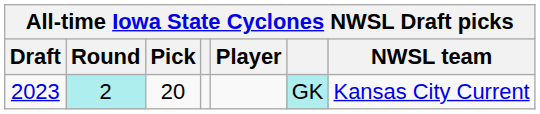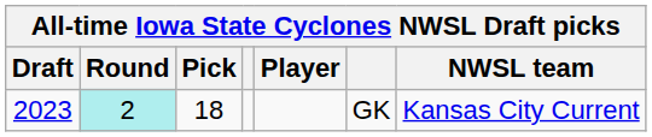 <table class="wikitable sortable" style="text-align: center;">
 <tr>
 <th colspan="7" style="background:#">All-time <a href='#'><span>Iowa State Cyclones</span></a> NWSL Draft picks</th>
 </tr>
 <tr>
 <th scope="col">Draft</th>
 <th scope="col">Round</th>
 <th scope="col">Pick</th>
 <th scope="col"></th>
 <th scope="col">Player</th>
 <th scope="col"></th>
 <th scope="col">NWSL team</th>
 </tr>
 <tr>
 <td><a href='#'>2023</a></td>
 <td style="background: paleturquoise;">2</td>
-<td>20</td>
+<td>18</td>
 <td></td>
 <td></td>
-<td style="background: paleturquoise;">GK</td>
+<td>GK</td>
 <td><a href='#'>Kansas City Current</a></td>
 </tr>
 </table>
